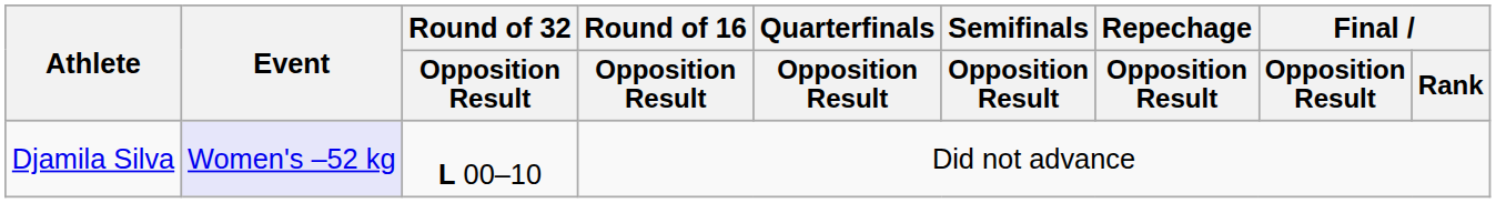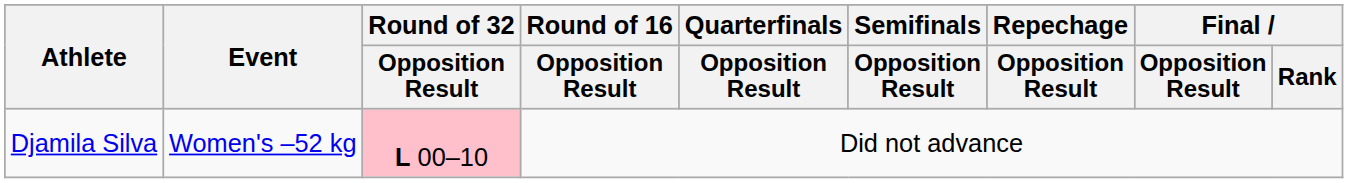 <table class="wikitable" style="font-size:90%">
 <tr>
 <th rowspan="2">Athlete</th>
 <th rowspan="2">Event</th>
 <th>Round of 32</th>
 <th>Round of 16</th>
 <th>Quarterfinals</th>
 <th>Semifinals</th>
 <th>Repechage</th>
 <th colspan=2>Final / </th>
 </tr>
 <tr style="font-size:95%">
 <th>Opposition<br>Result</th>
 <th>Opposition<br>Result</th>
 <th>Opposition<br>Result</th>
 <th>Opposition<br>Result</th>
 <th>Opposition<br>Result</th>
 <th>Opposition<br>Result</th>
 <th>Rank</th>
 </tr>
 <tr align=center>
 <td align=left><a href='#'>Djamila Silva</a></td>
-<td align=left style="background: lavender;"><a href='#'>Women's –52 kg</a></td>
-<td><br><strong>L</strong> 00–10</td>
+<td align=left><a href='#'>Women's –52 kg</a></td>
+<td style="background: pink;"><br><strong>L</strong> 00–10</td>
 <td colspan=6>Did not advance</td>
 </tr>
 </table>
